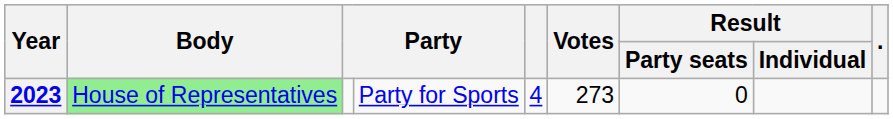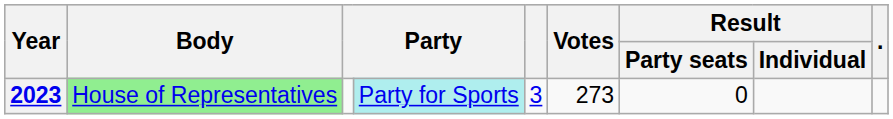 <table class="wikitable plainrowheaders sortable" border=2 cellpadding=4 cellspacing=0 style="border: 1px #aaa solid; font-size: 90%; text-align:center;">
 <tr>
 <th scope="col" rowspan=2>Year</th>
 <th scope="col" rowspan=2>Body</th>
 <th scope="col" colspan=2 rowspan=2>Party</th>
 <th scope="col" rowspan=2></th>
 <th scope="col" rowspan=2>Votes</th>
 <th scope="colgroup" colspan=2>Result</th>
 <th scope="col" rowspan=2 class="unsortable">.</th>
 </tr>
 <tr>
 <th scope="col">Party seats</th>
 <th scope="col">Individual</th>
 </tr>
 <tr>
 <th scope="row"><a href='#'>2023</a></th>
 <td style="background: lightgreen;"><a href='#'>House of Representatives</a></td>
 <td style="background-color:"></td>
-<td><a href='#'>Party for Sports</a></td>
-<td style=text-align:right><a href='#'>4</a></td>
+<td style="background: paleturquoise;"><a href='#'>Party for Sports</a></td>
+<td style=text-align:right><a href='#'>3</a></td>
 <td style=text-align:right>273</td>
 <td style=text-align:right>0</td>
 <td></td>
 <td></td>
 </tr>
 </table>
